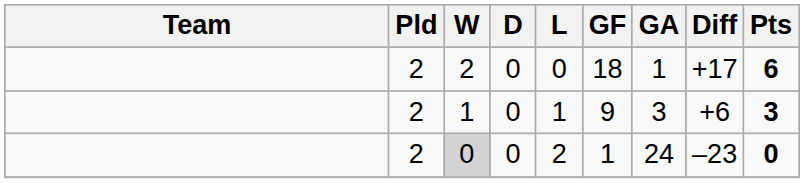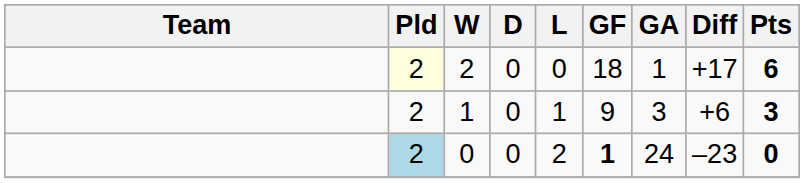 <table class="wikitable" style="text-align: center;">
 <tr>
 <th width=220>Team</th>
 <th width=20>Pld</th>
 <th width=20>W</th>
 <th width=20>D</th>
 <th width=20>L</th>
 <th width=20>GF</th>
 <th width=20>GA</th>
 <th width=20>Diff</th>
 <th width=20>Pts</th>
 </tr>
 <tr>
 <td align="left"></td>
-<td>2</td>
+<td style="background: lightyellow;">2</td>
 <td>2</td>
 <td>0</td>
 <td>0</td>
 <td>18</td>
 <td>1</td>
 <td>+17</td>
 <td><strong>6</strong></td>
 </tr>
 <tr>
 <td align="left"></td>
 <td>2</td>
 <td>1</td>
 <td>0</td>
 <td>1</td>
 <td>9</td>
 <td>3</td>
 <td>+6</td>
 <td><strong>3</strong></td>
 </tr>
 <tr>
 <td align="left"></td>
-<td>2</td>
-<td style="background: lightgrey;">0</td>
+<td style="background: lightblue;">2</td>
+<td>0</td>
 <td>0</td>
 <td>2</td>
-<td>1</td>
+<td><strong>1</strong></td>
 <td>24</td>
 <td>–23</td>
 <td><strong>0</strong></td>
 </tr>
 <tr>
 </tr>
 </table>
